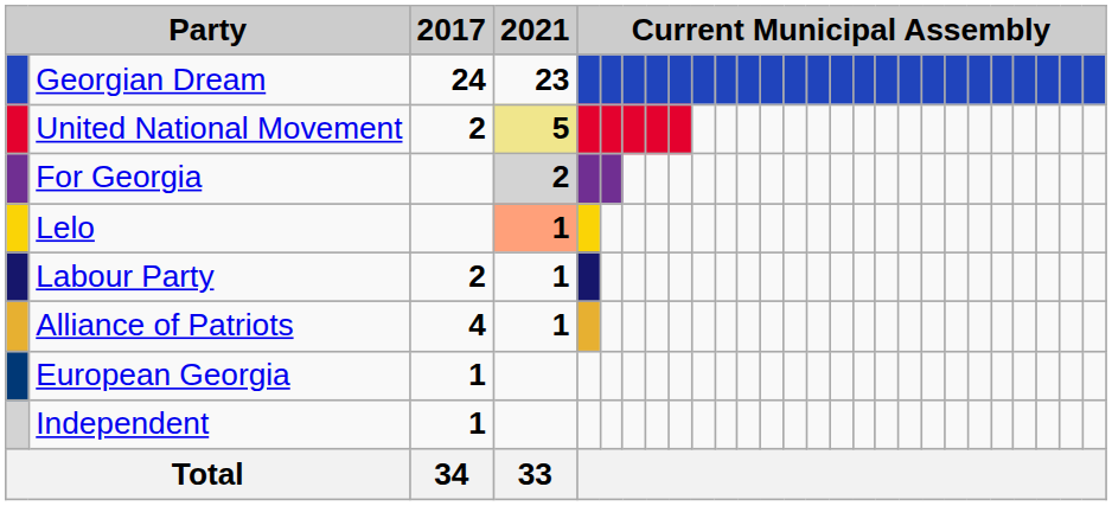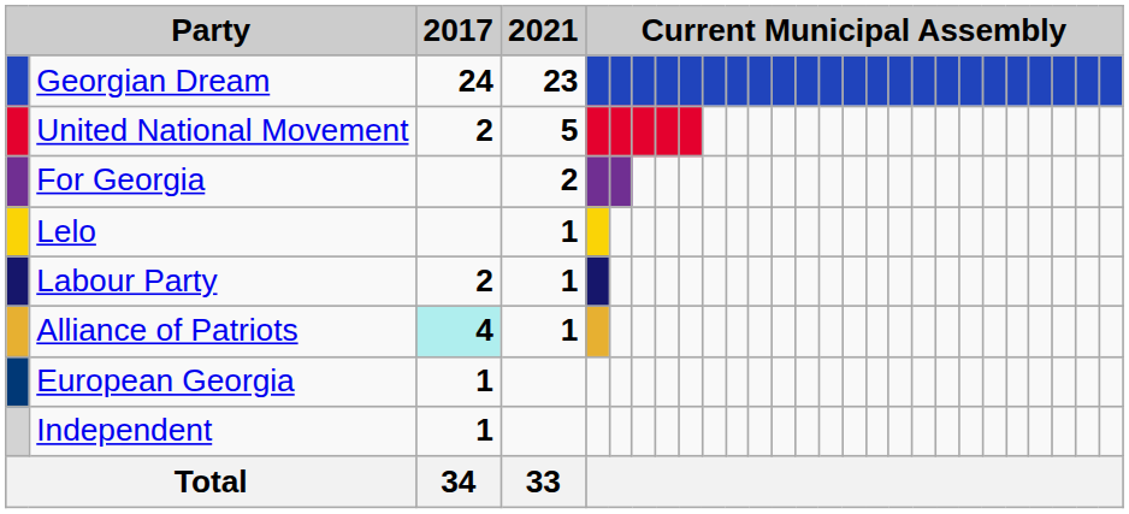 <table class="wikitable">
 <tr>
 <th style="background:#ccc" colspan="2">Party</th>
 <th style="background:#ccc">2017</th>
 <th style="background:#ccc">2021</th>
 <th style="background:#ccc" colspan="23">Current Municipal Assembly</th>
 </tr>
 <tr>
 <td style="background-color: #2044BC"> </td>
 <td><a href='#'>Georgian Dream</a></td>
 <td style="text-align: right"><strong>24</strong></td>
 <td style="text-align: right"><strong>23</strong></td>
 <td style="background-color: #2044BC"></td>
 <td style="background-color: #2044BC"> </td>
 <td style="background-color: #2044BC"> </td>
 <td style="background-color: #2044BC"> </td>
 <td style="background-color: #2044BC"> </td>
 <td style="background-color: #2044BC"> </td>
 <td style="background-color: #2044BC"> </td>
 <td style="background-color: #2044BC"> </td>
 <td style="background-color: #2044BC"> </td>
 <td style="background-color: #2044BC"> </td>
 <td style="background-color: #2044BC"> </td>
 <td style="background-color: #2044BC"> </td>
 <td style="background-color: #2044BC"> </td>
 <td style="background-color: #2044BC"> </td>
 <td style="background-color: #2044BC"> </td>
 <td style="background-color: #2044BC"> </td>
 <td style="background-color: #2044BC"> </td>
 <td style="background-color: #2044BC"> </td>
 <td style="background-color: #2044BC"> </td>
 <td style="background-color: #2044BC"> </td>
 <td style="background-color: #2044BC"> </td>
 <td style="background-color: #2044BC"> </td>
 <td style="background-color: #2044BC"> </td>
 </tr>
 <tr>
 <td style="background-color: #e4012e"> </td>
 <td><a href='#'>United National Movement</a></td>
 <td style="text-align: right"><strong>2</strong></td>
-<td style="background: khaki; text-align: right"><strong>5</strong></td>
+<td style="text-align: right"><strong>5</strong></td>
 <td style="background-color: #e4012e"> </td>
 <td style="background-color: #e4012e"> </td>
 <td style="background-color: #e4012e"> </td>
 <td style="background-color: #e4012e"> </td>
 <td style="background-color: #e4012e"> </td>
 <td></td>
 <td></td>
 <td></td>
 <td></td>
 <td></td>
 <td></td>
 <td></td>
 <td></td>
 <td></td>
 <td></td>
 <td></td>
 <td></td>
 <td></td>
 <td></td>
 <td></td>
 <td></td>
 <td></td>
 <td></td>
 </tr>
 <tr>
 <td style="background-color: #702F92"> </td>
 <td><a href='#'>For Georgia</a></td>
 <td></td>
-<td style="background: lightgrey; text-align: right"><strong>2</strong></td>
+<td style="text-align: right"><strong>2</strong></td>
 <td style="background-color: #702f92"> </td>
 <td style="background-color: #702f92"> </td>
 <td></td>
 <td></td>
 <td></td>
 <td></td>
 <td></td>
 <td></td>
 <td></td>
 <td></td>
 <td></td>
 <td></td>
 <td></td>
 <td></td>
 <td></td>
 <td></td>
 <td></td>
 <td></td>
 <td></td>
 <td></td>
 <td></td>
 <td></td>
 <td></td>
 </tr>
 <tr>
 <td style="background-color: #fad406"> </td>
 <td><a href='#'>Lelo</a></td>
 <td></td>
-<td style="background: lightsalmon; text-align: right"><strong>1</strong></td>
+<td style="text-align: right"><strong>1</strong></td>
 <td style="background-color: #fad406"> </td>
 <td></td>
 <td></td>
 <td></td>
 <td></td>
 <td></td>
 <td></td>
 <td></td>
 <td></td>
 <td></td>
 <td></td>
 <td></td>
 <td></td>
 <td></td>
 <td></td>
 <td></td>
 <td></td>
 <td></td>
 <td></td>
 <td></td>
 <td></td>
 <td></td>
 <td></td>
 </tr>
 <tr>
 <td style="background-color: #16166b"> </td>
 <td><a href='#'>Labour Party</a></td>
 <td style="text-align: right"><strong>2</strong></td>
 <td style="text-align: right"><strong>1</strong></td>
 <td style="background-color: #16166b"> </td>
 <td></td>
 <td></td>
 <td></td>
 <td></td>
 <td></td>
 <td></td>
 <td></td>
 <td></td>
 <td></td>
 <td></td>
 <td></td>
 <td></td>
 <td></td>
 <td></td>
 <td></td>
 <td></td>
 <td></td>
 <td></td>
 <td></td>
 <td></td>
 <td></td>
 <td></td>
 </tr>
 <tr>
 <td style="background-color: #e7b031"> </td>
 <td><a href='#'>Alliance of Patriots</a></td>
-<td style="text-align: right"><strong>4</strong></td>
+<td style="background: paleturquoise; text-align: right"><strong>4</strong></td>
 <td style="text-align: right"><strong>1</strong></td>
 <td style="background-color: #e7b031"> </td>
 <td></td>
 <td></td>
 <td></td>
 <td></td>
 <td></td>
 <td></td>
 <td></td>
 <td></td>
 <td></td>
 <td></td>
 <td></td>
 <td></td>
 <td></td>
 <td></td>
 <td></td>
 <td></td>
 <td></td>
 <td></td>
 <td></td>
 <td></td>
 <td></td>
 <td></td>
 </tr>
 <tr>
 <td style="background-color: #003876"> </td>
 <td><a href='#'>European Georgia</a></td>
 <td style="text-align: right"><strong>1</strong></td>
 <td></td>
 <td></td>
 <td></td>
 <td></td>
 <td></td>
 <td></td>
 <td></td>
 <td></td>
 <td></td>
 <td></td>
 <td></td>
 <td></td>
 <td></td>
 <td></td>
 <td></td>
 <td></td>
 <td></td>
 <td></td>
 <td></td>
 <td></td>
 <td></td>
 <td></td>
 <td></td>
 <td></td>
 </tr>
 <tr>
 <td style="background-color: lightgrey"> </td>
 <td><a href='#'>Independent</a></td>
 <td style="text-align: right"><strong>1</strong></td>
 <td></td>
 <td></td>
 <td></td>
 <td></td>
 <td></td>
 <td></td>
 <td></td>
 <td></td>
 <td></td>
 <td></td>
 <td></td>
 <td></td>
 <td></td>
 <td></td>
 <td></td>
 <td></td>
 <td></td>
 <td></td>
 <td></td>
 <td></td>
 <td></td>
 <td></td>
 <td></td>
 <td></td>
 </tr>
 <tr>
 <th colspan=2>Total</th>
 <th align=right>34</th>
 <th align=right>33</th>
 <th colspan=45> </th>
 </tr>
 </table>
